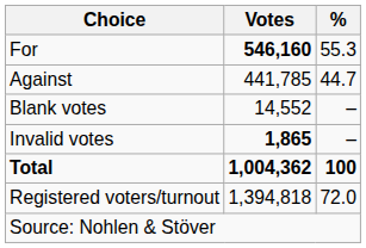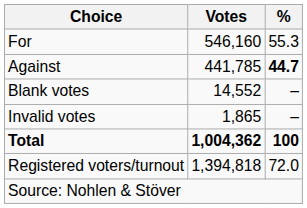 <table class=wikitable style=text-align:right>
 <tr>
 <th>Choice</th>
 <th>Votes</th>
 <th>%</th>
 </tr>
 <tr>
 <td align=left>For</td>
-<td><strong>546,160</strong></td>
+<td>546,160</td>
 <td>55.3</td>
 </tr>
 <tr>
 <td align=left>Against</td>
 <td>441,785</td>
-<td>44.7</td>
+<td><strong>44.7</strong></td>
 </tr>
 <tr>
 <td align=left>Blank votes</td>
 <td>14,552</td>
 <td>–</td>
 </tr>
 <tr>
 <td align=left>Invalid votes</td>
-<td><strong>1,865</strong></td>
+<td>1,865</td>
 <td>–</td>
 </tr>
 <tr>
 <td align=left><strong>Total</strong></td>
 <td><strong>1,004,362</strong></td>
 <td><strong>100</strong></td>
 </tr>
 <tr>
 <td align=left>Registered voters/turnout</td>
 <td>1,394,818</td>
 <td>72.0</td>
 </tr>
 <tr>
 <td align=left colspan=6>Source: Nohlen & Stöver</td>
 </tr>
 </table>
